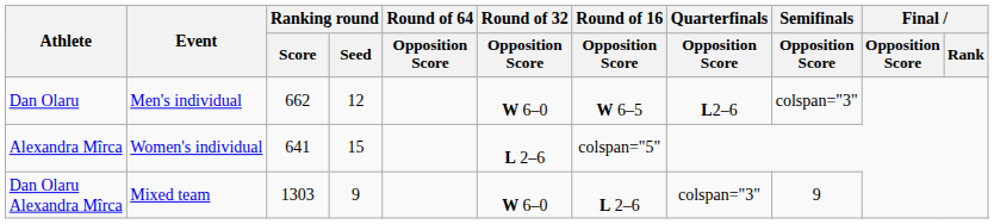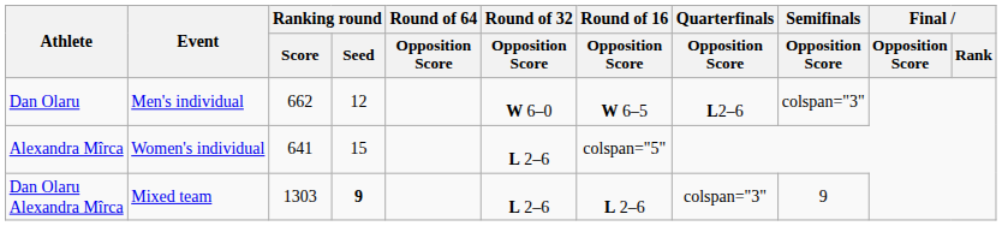 <table class="wikitable" style="text-align:center; font-size:90%">
 <tr>
 <th rowspan="2">Athlete</th>
 <th rowspan="2">Event</th>
 <th colspan="2">Ranking round</th>
 <th>Round of 64</th>
 <th>Round of 32</th>
 <th>Round of 16</th>
 <th>Quarterfinals</th>
 <th>Semifinals</th>
 <th colspan="2">Final / </th>
 </tr>
 <tr style="font-size:95%">
 <th>Score</th>
 <th>Seed</th>
 <th>Opposition<br>Score</th>
 <th>Opposition<br>Score</th>
 <th>Opposition<br>Score</th>
 <th>Opposition<br>Score</th>
 <th>Opposition<br>Score</th>
 <th>Opposition<br>Score</th>
 <th>Rank</th>
 </tr>
 <tr>
 <td align=left><a href='#'>Dan Olaru</a></td>
 <td align=left><a href='#'>Men's individual</a></td>
 <td>662</td>
 <td>12</td>
 <td></td>
 <td><br><strong>W</strong> 6–0</td>
 <td><br><strong>W</strong> 6–5</td>
 <td><br><strong>L</strong>2–6</td>
 <td>colspan="3" </td>
 </tr>
 <tr>
 <td align=left><a href='#'>Alexandra Mîrca</a></td>
 <td align=left><a href='#'>Women's individual</a></td>
 <td>641</td>
 <td>15</td>
 <td></td>
 <td><br> <strong>L</strong> 2–6</td>
 <td>colspan="5" </td>
 </tr>
 <tr>
 <td align=left><a href='#'>Dan Olaru</a><br><a href='#'>Alexandra Mîrca</a></td>
 <td align=left><a href='#'>Mixed team</a></td>
 <td>1303</td>
-<td>9</td>
+<td><strong>9</strong></td>
 <td></td>
-<td><br><strong>W</strong> 6–0</td>
+<td><br> <strong>L</strong> 2–6</td>
 <td><br><strong>L</strong> 2–6</td>
 <td>colspan="3" </td>
 <td>9</td>
 </tr>
 </table>
